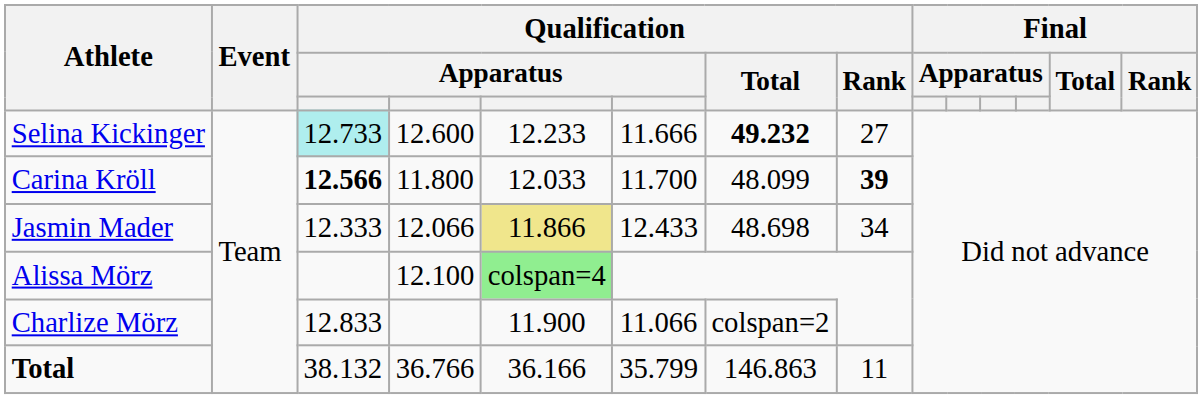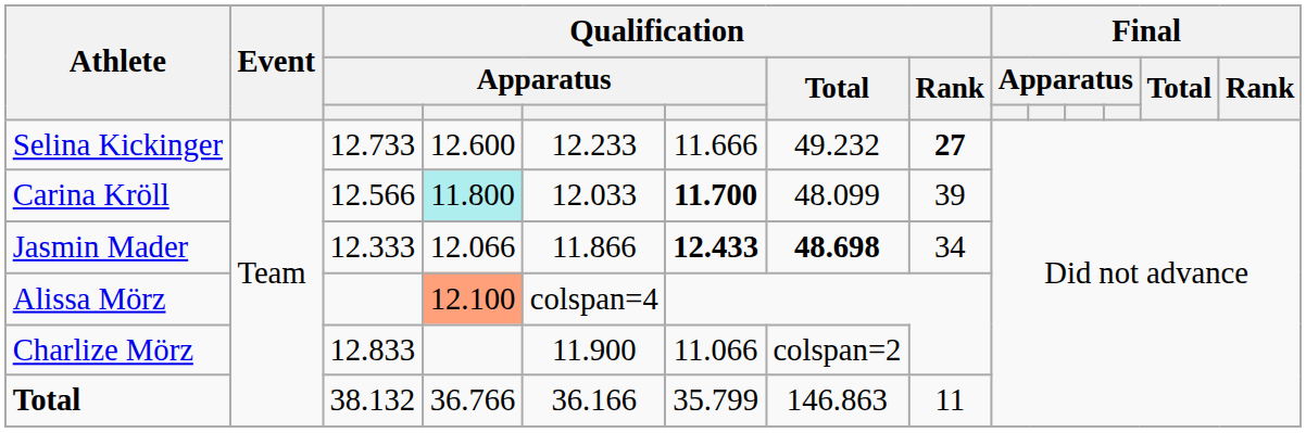 <table class="wikitable" style="font-size:90%">
 <tr>
 <th rowspan=3>Athlete</th>
 <th rowspan=3>Event</th>
 <th colspan=6>Qualification</th>
 <th colspan=6>Final</th>
 </tr>
 <tr style="font-size:95%">
 <th colspan=4>Apparatus</th>
 <th rowspan=2>Total</th>
 <th rowspan=2>Rank</th>
 <th colspan=4>Apparatus</th>
 <th rowspan=2>Total</th>
 <th rowspan=2>Rank</th>
 </tr>
 <tr style="font-size:95%">
 <th></th>
 <th></th>
 <th></th>
 <th></th>
 <th></th>
 <th></th>
 <th></th>
 <th></th>
 </tr>
 <tr align=center>
 <td align=left><a href='#'>Selina Kickinger</a></td>
 <td align=left rowspan=6>Team</td>
-<td style="background: paleturquoise;">12.733</td>
+<td>12.733</td>
 <td>12.600</td>
 <td>12.233</td>
 <td>11.666</td>
-<td><strong>49.232</strong></td>
-<td>27</td>
+<td>49.232</td>
+<td><strong>27</strong></td>
 <td rowspan=6 colspan=6>Did not advance</td>
 </tr>
 <tr align=center>
 <td align=left><a href='#'>Carina Kröll</a></td>
-<td><strong>12.566</strong></td>
-<td>11.800</td>
+<td>12.566</td>
+<td style="background: paleturquoise;">11.800</td>
 <td>12.033</td>
-<td>11.700</td>
+<td><strong>11.700</strong></td>
 <td>48.099</td>
-<td><strong>39</strong></td>
+<td>39</td>
 </tr>
 <tr align=center>
 <td align=left><a href='#'>Jasmin Mader</a></td>
 <td>12.333</td>
 <td>12.066</td>
-<td style="background: khaki;">11.866</td>
-<td>12.433</td>
-<td>48.698</td>
+<td>11.866</td>
+<td><strong>12.433</strong></td>
+<td><strong>48.698</strong></td>
 <td>34</td>
 </tr>
 <tr align=center>
 <td align=left><a href='#'>Alissa Mörz</a></td>
 <td></td>
-<td>12.100</td>
-<td style="background: lightgreen;">colspan=4</td>
+<td style="background: lightsalmon;">12.100</td>
+<td>colspan=4</td>
 </tr>
 <tr align=center>
 <td align=left><a href='#'>Charlize Mörz</a></td>
 <td>12.833</td>
 <td></td>
 <td>11.900</td>
 <td>11.066</td>
 <td>colspan=2</td>
 </tr>
 <tr align=center>
 <td align=left><strong>Total</strong></td>
 <td>38.132</td>
 <td>36.766</td>
 <td>36.166</td>
 <td>35.799</td>
 <td>146.863</td>
 <td>11</td>
 </tr>
 </table>
